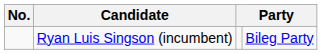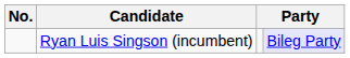 <table class="wikitable sortable" style="text-align:left;">
 <tr>
 <th>No.</th>
 <th>Candidate</th>
 <th colspan="2">Party</th>
 </tr>
 <tr>
 <td></td>
 <td><a href='#'>Ryan Luis Singson</a> (incumbent)</td>
 <td></td>
-<td><a href='#'>Bileg Party</a></td>
+<td style="background: lavender;"><a href='#'>Bileg Party</a></td>
 </tr>
 </table>
